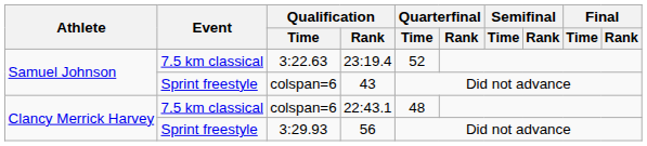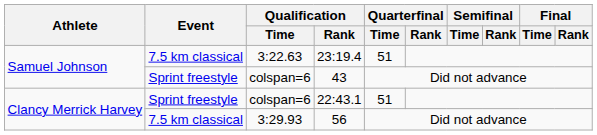 <table class="wikitable" style="font-size:90%">
 <tr>
 <th rowspan="2">Athlete</th>
 <th rowspan="2">Event</th>
 <th colspan="2">Qualification</th>
 <th colspan="2">Quarterfinal</th>
 <th colspan="2">Semifinal</th>
 <th colspan="2">Final</th>
 </tr>
 <tr style="font-size:95%">
 <th>Time</th>
 <th>Rank</th>
 <th>Time</th>
 <th>Rank</th>
 <th>Time</th>
 <th>Rank</th>
 <th>Time</th>
 <th>Rank</th>
 </tr>
 <tr align=center>
 <td align=left rowspan=2><a href='#'>Samuel Johnson</a></td>
 <td align=left><a href='#'>7.5 km classical</a></td>
 <td>3:22.63</td>
 <td>23:19.4</td>
-<td>52</td>
+<td>51</td>
 </tr>
 <tr align=center>
 <td align=left><a href='#'>Sprint freestyle</a></td>
 <td>colspan=6</td>
 <td>43</td>
 <td colspan=6>Did not advance</td>
 </tr>
 <tr align=center>
 <td align=left rowspan=2><a href='#'>Clancy Merrick Harvey</a></td>
-<td align=left><a href='#'>7.5 km classical</a></td>
+<td align=left><a href='#'>Sprint freestyle</a></td>
 <td>colspan=6</td>
 <td>22:43.1</td>
-<td>48</td>
+<td>51</td>
 </tr>
 <tr align=center>
-<td align=left><a href='#'>Sprint freestyle</a></td>
+<td align=left><a href='#'>7.5 km classical</a></td>
 <td>3:29.93</td>
 <td>56</td>
 <td colspan=6>Did not advance</td>
 </tr>
 </table>
